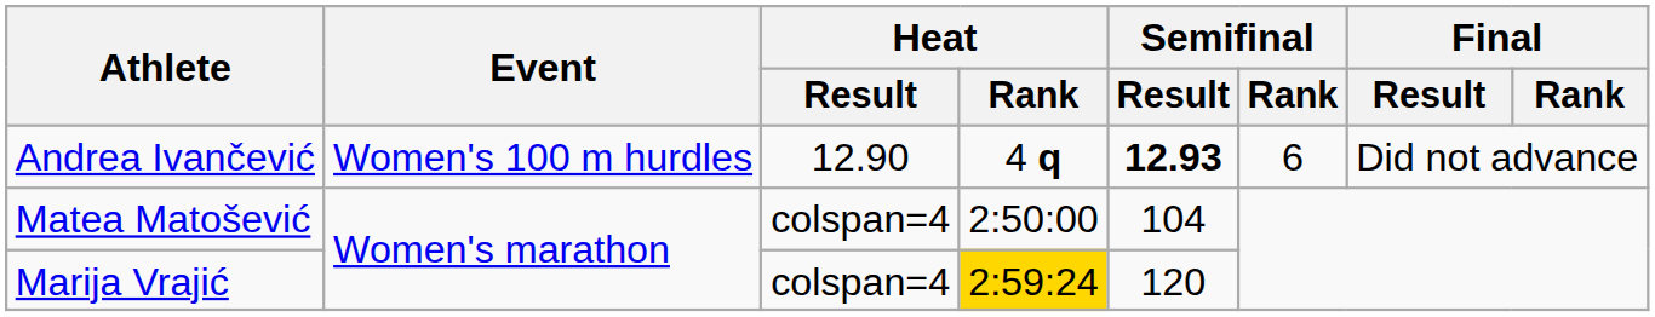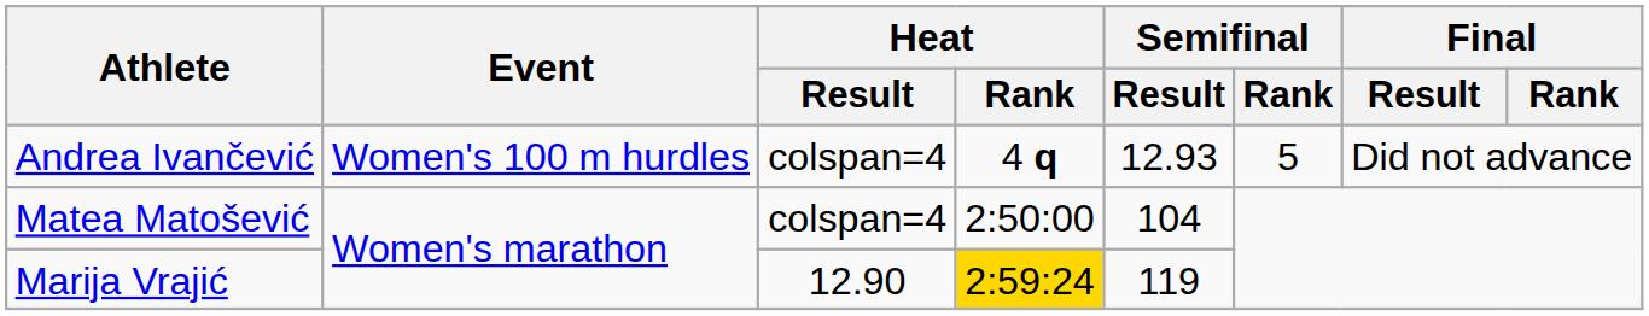 <table class="wikitable" style="font-size:90%">
 <tr>
 <th rowspan="2">Athlete</th>
 <th rowspan="2">Event</th>
 <th colspan="2">Heat</th>
 <th colspan="2">Semifinal</th>
 <th colspan="2">Final</th>
 </tr>
 <tr style="font-size:95%">
 <th>Result</th>
 <th>Rank</th>
 <th>Result</th>
 <th>Rank</th>
 <th>Result</th>
 <th>Rank</th>
 </tr>
 <tr align=center>
 <td align=left><a href='#'>Andrea Ivančević</a></td>
 <td align=left><a href='#'>Women's 100 m hurdles</a></td>
-<td>12.90</td>
+<td>colspan=4 </td>
 <td>4 <strong>q</strong></td>
-<td><strong>12.93</strong></td>
-<td>6</td>
+<td>12.93</td>
+<td>5</td>
 <td colspan=2>Did not advance</td>
 </tr>
 <tr align=center>
 <td align=left><a href='#'>Matea Matošević</a></td>
 <td align=left rowspan=2><a href='#'>Women's marathon</a></td>
 <td>colspan=4 </td>
 <td>2:50:00</td>
 <td>104</td>
 </tr>
 <tr align=center>
 <td align=left><a href='#'>Marija Vrajić</a></td>
-<td>colspan=4 </td>
+<td>12.90</td>
 <td style="background: gold;">2:59:24</td>
-<td>120</td>
+<td>119</td>
 </tr>
 </table>
